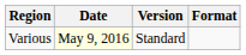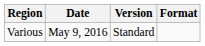 <table class="wikitable">
 <tr>
 <th>Region</th>
 <th>Date</th>
 <th>Version</th>
 <th>Format</th>
 </tr>
 <tr>
 <td>Various</td>
-<td style="background: lightyellow;">May 9, 2016</td>
+<td>May 9, 2016</td>
 <td rowspan="2">Standard</td>
 <td></td>
 </tr>
 </table>
